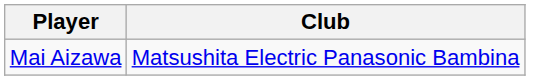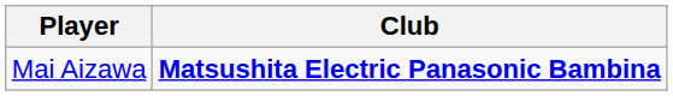 <table class="wikitable">
 <tr>
 <th>Player</th>
 <th>Club</th>
 </tr>
 <tr>
 <td> <a href='#'>Mai Aizawa</a></td>
-<td><a href='#'>Matsushita Electric Panasonic Bambina</a></td>
+<td><strong><a href='#'>Matsushita Electric Panasonic Bambina</a></strong></td>
 </tr>
 </table>
